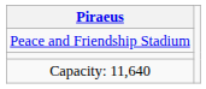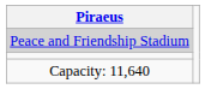 <table class="wikitable" style="text-align:center; margin:1em auto;">
 <tr>
 <th><a href='#'>Piraeus</a></th>
 <td rowspan=4></td>
 </tr>
 <tr>
-<td><a href='#'>Peace and Friendship Stadium</a></td>
+<td style="background: lightgrey;"><a href='#'>Peace and Friendship Stadium</a></td>
 </tr>
 <tr>
 <td></td>
 </tr>
 <tr>
 <td>Capacity: 11,640</td>
 </tr>
 </table>
